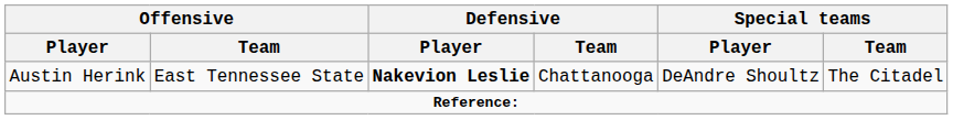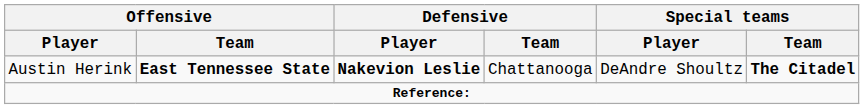 <table class="wikitable" border="1">
 <tr>
 <th colspan="2">Offensive</th>
 <th colspan="2">Defensive</th>
 <th colspan="2">Special teams</th>
 </tr>
 <tr>
 <th>Player</th>
 <th>Team</th>
 <th>Player</th>
 <th>Team</th>
 <th>Player</th>
 <th>Team</th>
 </tr>
 <tr>
 <td>Austin Herink</td>
-<td>East Tennessee State</td>
+<td><strong>East Tennessee State</strong></td>
 <td><strong>Nakevion Leslie</strong></td>
 <td>Chattanooga</td>
 <td>DeAndre Shoultz</td>
-<td>The Citadel</td>
+<td><strong>The Citadel</strong></td>
 </tr>
 <tr>
 <td colspan="8" style="font-size: 8pt" align="center"><strong>Reference: </strong></td>
 </tr>
 </table>
